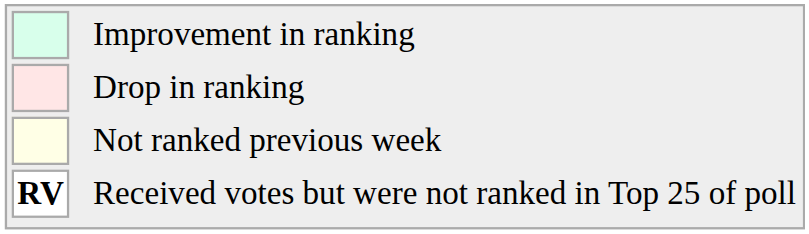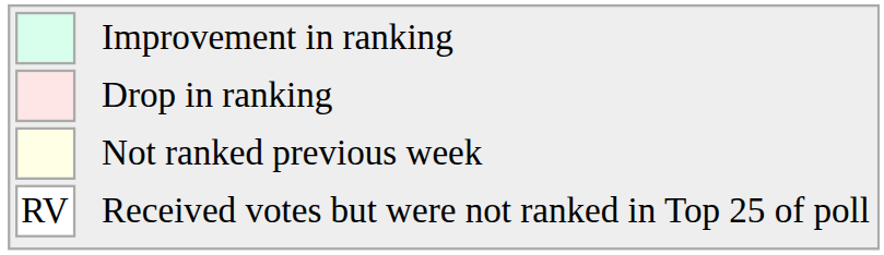 <table style="float:right; font-size:90%; border:1px solid #aaa; white-space:nowrap; background:#eee;">
 <tr>
 <td style="background:#d8ffeb; width:20px; border:1px solid #aaa;"> </td>
 <td rowspan=5> </td>
 <td>Improvement in ranking</td>
 </tr>
 <tr>
 <td style="background:#ffe6e6; width:20px; border:1px solid #aaa;"> </td>
 <td>Drop in ranking</td>
 </tr>
 <tr>
 <td style="background:#ffffe6; width:20px; border:1px solid #aaa;"> </td>
 <td>Not ranked previous week</td>
 </tr>
 <tr>
-<td style="text-align:center; width:20px; border:1px solid #aaa; background:white;"><strong>RV</strong></td>
+<td style="text-align:center; width:20px; border:1px solid #aaa; background:white;">RV</td>
 <td>Received votes but were not ranked in Top 25 of poll</td>
 </tr>
 <tr>
 </tr>
 </table>
